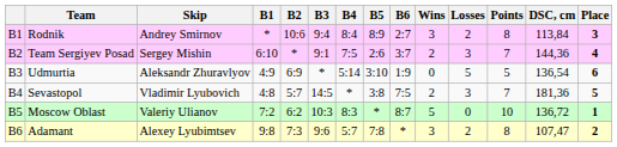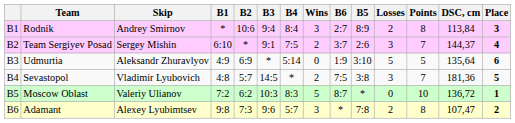 <table class="wikitable" style="text-align:center;">
 <tr>
 <th></th>
 <th>Team</th>
 <th>Skip</th>
 <th width="25">B1</th>
 <th width="25">B2</th>
 <th width="25">B3</th>
 <th width="25">B4</th>
+<th>Wins</th>
+<th width="25">B6</th>
 <th width="25">B5</th>
-<th width="25">B6</th>
-<th>Wins</th>
 <th>Losses</th>
 <th>Points</th>
 <th>DSC, cm</th>
 <th>Place</th>
 </tr>
 <tr bgcolor=#fcf>
 <td>B1</td>
 <td align=left>Rodnik</td>
 <td align=left>Andrey Smirnov</td>
 <td>*</td>
 <td>10:6</td>
 <td>9:4</td>
 <td>8:4</td>
+<td>3</td>
+<td>2:7</td>
 <td>8:9</td>
-<td>2:7</td>
-<td>3</td>
 <td>2</td>
 <td>8</td>
 <td>113,84</td>
 <td><strong>3</strong></td>
 </tr>
 <tr bgcolor=#fcf>
 <td>B2</td>
 <td align=left>Team Sergiyev Posad</td>
 <td align=left>Sergey Mishin</td>
 <td>6:10</td>
 <td>*</td>
 <td>9:1</td>
 <td>7:5</td>
+<td>2</td>
+<td>3:7</td>
 <td>2:6</td>
-<td>3:7</td>
-<td>2</td>
 <td>3</td>
 <td>7</td>
-<td>144,36</td>
+<td>144,37</td>
 <td><strong>4</strong></td>
 </tr>
 <tr>
 <td>B3</td>
 <td align=left>Udmurtia</td>
 <td align=left>Aleksandr Zhuravlyov</td>
 <td>4:9</td>
 <td>6:9</td>
 <td>*</td>
 <td>5:14</td>
+<td>0</td>
+<td>1:9</td>
 <td>3:10</td>
-<td>1:9</td>
-<td>0</td>
 <td>5</td>
 <td>5</td>
-<td>136,54</td>
+<td>135,64</td>
 <td><strong>6</strong></td>
 </tr>
 <tr>
 <td>B4</td>
 <td align=left>Sevastopol</td>
 <td align=left>Vladimir Lyubovich</td>
 <td>4:8</td>
 <td>5:7</td>
 <td>14:5</td>
 <td>*</td>
+<td>2</td>
+<td>7:5</td>
 <td>3:8</td>
-<td>7:5</td>
-<td>2</td>
 <td>3</td>
 <td>7</td>
 <td>181,36</td>
 <td><strong>5</strong></td>
 </tr>
 <tr bgcolor=#cfc>
 <td>B5</td>
 <td align=left>Moscow Oblast</td>
 <td align=left>Valeriy Ulianov</td>
 <td>7:2</td>
 <td>6:2</td>
 <td>10:3</td>
 <td>8:3</td>
+<td>5</td>
+<td>8:7</td>
 <td>*</td>
-<td>8:7</td>
-<td>5</td>
 <td>0</td>
 <td>10</td>
 <td>136,72</td>
 <td><strong>1</strong></td>
 </tr>
 <tr bgcolor=#ffc>
 <td>B6</td>
 <td align=left>Adamant</td>
 <td align=left>Alexey Lyubimtsev</td>
 <td>9:8</td>
 <td>7:3</td>
 <td>9:6</td>
 <td>5:7</td>
+<td>3</td>
+<td>*</td>
 <td>7:8</td>
-<td>*</td>
-<td>3</td>
 <td>2</td>
 <td>8</td>
 <td>107,47</td>
 <td><strong>2</strong></td>
 </tr>
 </table>
